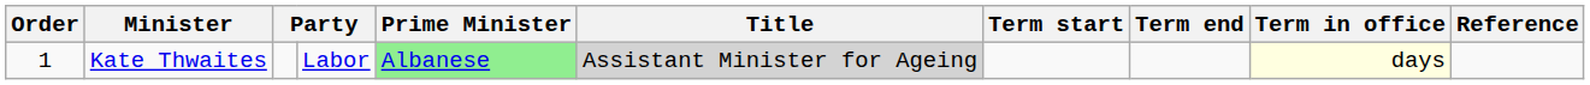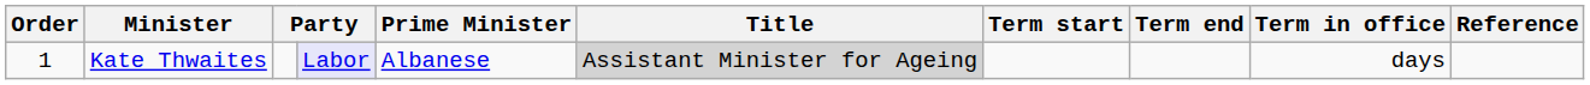 <table class="wikitable">
 <tr>
 <th>Order</th>
 <th>Minister</th>
 <th colspan="2">Party</th>
 <th>Prime Minister</th>
 <th>Title</th>
 <th>Term start</th>
 <th>Term end</th>
 <th>Term in office</th>
 <th>Reference</th>
 </tr>
 <tr>
 <td align=center>1</td>
 <td><a href='#'>Kate Thwaites</a></td>
 <td> </td>
-<td><a href='#'>Labor</a></td>
-<td style="background: lightgreen;"><a href='#'>Albanese</a></td>
+<td style="background: lavender;"><a href='#'>Labor</a></td>
+<td><a href='#'>Albanese</a></td>
 <td style="background: lightgrey;">Assistant Minister for Ageing</td>
 <td align=center></td>
 <td align=center></td>
-<td align=right style="background: lightyellow;"> days</td>
+<td align=right> days</td>
 <td align=center></td>
 </tr>
 </table>
